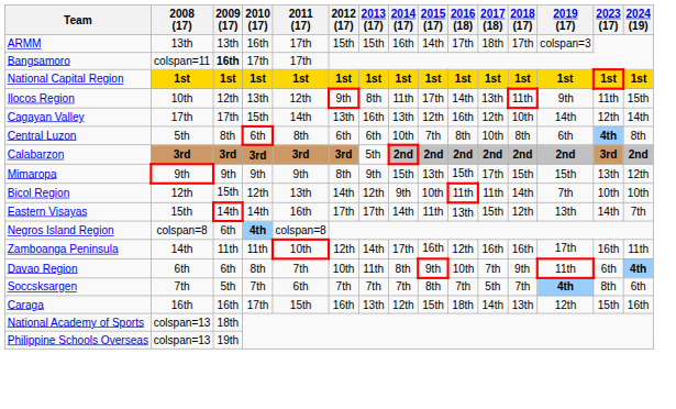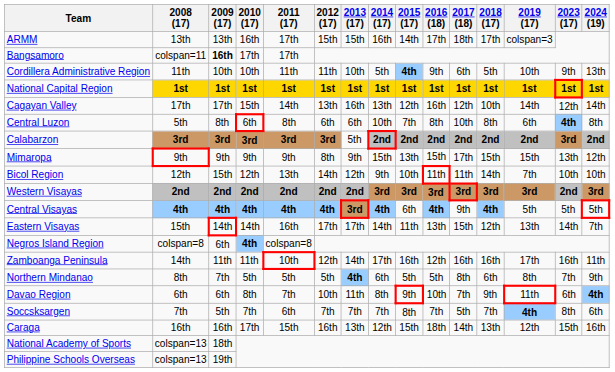 <table class="wikitable" style="text-align:center; font-size:90%;">
 <tr>
 <th>Team</th>
 <th>2008<br>(17)</th>
 <th>2009<br>(17)</th>
 <th>2010<br>(17)</th>
 <th>2011<br>(17)</th>
 <th>2012<br>(17)</th>
 <th><a href='#'>2013</a><br>(17)</th>
 <th><a href='#'>2014</a><br>(17)</th>
 <th><a href='#'>2015</a><br>(17)</th>
 <th><a href='#'>2016</a><br>(18)</th>
 <th><a href='#'>2017</a><br>(18)</th>
 <th><a href='#'>2018</a><br>(17)</th>
 <th><a href='#'>2019</a><br>(17)</th>
 <th><a href='#'>2023</a><br>(17)</th>
 <th><a href='#'>2024</a><br>(19)</th>
 </tr>
 <tr>
 <td align=left><a href='#'>ARMM</a></td>
 <td>13th</td>
 <td>13th</td>
 <td>16th</td>
 <td>17th</td>
 <td>15th</td>
 <td>15th</td>
 <td>16th</td>
 <td>14th</td>
 <td>17th</td>
 <td>18th</td>
 <td>17th</td>
 <td>colspan=3 </td>
 </tr>
 <tr>
 <td align=left><a href='#'>Bangsamoro</a></td>
 <td>colspan=11 </td>
 <td><strong>16th</strong></td>
 <td>17th</td>
 <td>17th</td>
 </tr>
 <tr>
+<td align=left><a href='#'>Cordillera Administrative Region</a></td>
+<td>11th</td>
+<td>10th</td>
+<td>10th</td>
+<td>11th</td>
+<td>11th</td>
+<td>10th</td>
+<td>5th</td>
+<td bgcolor=#9acdff><strong>4th</strong></td>
+<td>9th</td>
+<td>6th</td>
+<td>5th</td>
+<td>10th</td>
+<td>9th</td>
+<td>13th</td>
+</tr>
+<tr>
 <td align=left><a href='#'>National Capital Region</a></td>
 <td bgcolor="gold"><strong>1st</strong></td>
 <td bgcolor="gold"><strong>1st</strong></td>
 <td bgcolor="gold"><strong>1st</strong></td>
 <td bgcolor="gold"><strong>1st</strong></td>
 <td bgcolor="gold"><strong>1st</strong></td>
 <td bgcolor="gold"><strong>1st</strong></td>
 <td bgcolor="gold"><strong>1st</strong></td>
 <td bgcolor="gold"><strong>1st</strong></td>
 <td bgcolor="gold"><strong>1st</strong></td>
 <td bgcolor="gold"><strong>1st</strong></td>
 <td bgcolor="gold"><strong>1st</strong></td>
 <td bgcolor="gold"><strong>1st</strong></td>
 <td style="border: 3px solid red"  bgcolor="gold"><strong>1st</strong></td>
 <td bgcolor="gold"><strong>1st</strong></td>
-</tr>
-<tr>
-<td align=left><a href='#'>Ilocos Region</a></td>
-<td>10th</td>
-<td>12th</td>
-<td>13th</td>
-<td>12th</td>
-<td style="border: 3px solid red">9th</td>
-<td>8th</td>
-<td>11th</td>
-<td>17th</td>
-<td>14th</td>
-<td>13th</td>
-<td style="border: 3px solid red">11th</td>
-<td>9th</td>
-<td>11th</td>
-<td>15th</td>
 </tr>
 <tr>
 <td align=left><a href='#'>Cagayan Valley</a></td>
 <td>17th</td>
 <td>17th</td>
 <td>15th</td>
 <td>14th</td>
 <td>13th</td>
 <td>16th</td>
 <td>13th</td>
 <td>12th</td>
 <td>16th</td>
 <td>12th</td>
 <td>10th</td>
 <td>14th</td>
 <td>12th</td>
 <td>14th</td>
 </tr>
 <tr>
 <td align=left><a href='#'>Central Luzon</a></td>
 <td>5th</td>
 <td>8th</td>
 <td style="border: 3px solid red">6th</td>
 <td>8th</td>
 <td>6th</td>
 <td>6th</td>
 <td>10th</td>
 <td>7th</td>
 <td>8th</td>
 <td>10th</td>
 <td>8th</td>
 <td>6th</td>
 <td bgcolor=#9acdff><strong>4th</strong></td>
 <td>8th</td>
 </tr>
 <tr>
 <td align=left><a href='#'>Calabarzon</a></td>
 <td bgcolor=#cc9966><strong>3rd</strong></td>
 <td bgcolor=#cc9966><strong>3rd</strong></td>
 <td bgcolor=#cc9966><strong>3rd</strong></td>
 <td bgcolor=#cc9966><strong>3rd</strong></td>
 <td bgcolor=#cc9966><strong>3rd</strong></td>
 <td>5th</td>
 <td style="border: 3px solid red"   bgcolor="silver"><strong>2nd</strong></td>
 <td bgcolor="silver"><strong>2nd</strong></td>
 <td bgcolor="silver"><strong>2nd</strong></td>
 <td bgcolor="silver"><strong>2nd</strong></td>
 <td bgcolor="silver"><strong>2nd</strong></td>
 <td bgcolor="silver"><strong>2nd</strong></td>
 <td bgcolor=#cc9966><strong>3rd</strong></td>
 <td bgcolor="silver"><strong>2nd</strong></td>
 </tr>
 <tr>
 <td align=left><a href='#'>Mimaropa</a></td>
 <td style="border: 3px solid red">9th</td>
 <td>9th</td>
 <td>9th</td>
 <td>9th</td>
 <td>8th</td>
 <td>9th</td>
 <td>15th</td>
 <td>13th</td>
 <td>15th</td>
 <td>17th</td>
 <td>15th</td>
 <td>15th</td>
 <td>13th</td>
 <td>12th</td>
 </tr>
 <tr>
 <td align=left><a href='#'>Bicol Region</a></td>
 <td>12th</td>
 <td>15th</td>
 <td>12th</td>
 <td>13th</td>
 <td>14th</td>
 <td>12th</td>
 <td>9th</td>
 <td>10th</td>
 <td style="border: 3px solid red">11th</td>
 <td>11th</td>
 <td>14th</td>
 <td>7th</td>
 <td>10th</td>
 <td>10th</td>
 </tr>
 <tr>
+<td align=left><a href='#'>Western Visayas</a></td>
+<td bgcolor="silver"><strong>2nd</strong></td>
+<td bgcolor="silver"><strong>2nd</strong></td>
+<td bgcolor="silver"><strong>2nd</strong></td>
+<td bgcolor="silver"><strong>2nd</strong></td>
+<td bgcolor="silver"><strong>2nd</strong></td>
+<td bgcolor="silver"><strong>2nd</strong></td>
+<td bgcolor=#cc9966><strong>3rd</strong></td>
+<td bgcolor=#cc9966><strong>3rd</strong></td>
+<td bgcolor=#cc9966><strong>3rd</strong></td>
+<td style="border: 3px solid red"   bgcolor=#cc9966><strong>3rd</strong></td>
+<td bgcolor=#cc9966><strong>3rd</strong></td>
+<td bgcolor=#cc9966><strong>3rd</strong></td>
+<td bgcolor="silver"><strong>2nd</strong></td>
+<td bgcolor=#cc9966><strong>3rd</strong></td>
+</tr>
+<tr>
+<td align=left><a href='#'>Central Visayas</a></td>
+<td bgcolor=#9acdff><strong>4th</strong></td>
+<td bgcolor=#9acdff><strong>4th</strong></td>
+<td bgcolor=#9acdff><strong>4th</strong></td>
+<td bgcolor=#9acdff><strong>4th</strong></td>
+<td bgcolor=#9acdff><strong>4th</strong></td>
+<td style="border: 3px solid red"  bgcolor=#cc9966><strong>3rd</strong></td>
+<td bgcolor=#9acdff><strong>4th</strong></td>
+<td>6th</td>
+<td bgcolor=#9acdff><strong>4th</strong></td>
+<td>9th</td>
+<td bgcolor=#9acdff><strong>4th</strong></td>
+<td>5th</td>
+<td>5th</td>
+<td style="border: 3px solid red">5th</td>
+</tr>
+<tr>
 <td align=left><a href='#'>Eastern Visayas</a></td>
 <td>15th</td>
 <td style="border: 3px solid red">14th</td>
 <td>14th</td>
 <td>16th</td>
 <td>17th</td>
 <td>17th</td>
 <td>14th</td>
 <td>11th</td>
 <td>13th</td>
 <td>15th</td>
 <td>12th</td>
 <td>13th</td>
 <td>14th</td>
 <td>7th</td>
 </tr>
 <tr>
 <td align=left><a href='#'>Negros Island Region</a></td>
 <td>colspan=8 </td>
 <td>6th</td>
 <td bgcolor=#9acdff><strong>4th</strong></td>
 <td>colspan=8 </td>
 </tr>
 <tr>
 <td align=left><a href='#'>Zamboanga Peninsula</a></td>
 <td>14th</td>
 <td>11th</td>
 <td>11th</td>
 <td style="border: 3px solid red">10th</td>
 <td>12th</td>
 <td>14th</td>
 <td>17th</td>
 <td>16th</td>
 <td>12th</td>
 <td>16th</td>
 <td>16th</td>
 <td>17th</td>
 <td>16th</td>
 <td>11th</td>
+</tr>
+<tr>
+<td align=left><a href='#'>Northern Mindanao</a></td>
+<td>8th</td>
+<td>7th</td>
+<td>5th</td>
+<td>5th</td>
+<td>5th</td>
+<td bgcolor=#9acdff><strong>4th</strong></td>
+<td>6th</td>
+<td>5th</td>
+<td>5th</td>
+<td>8th</td>
+<td>6th</td>
+<td>8th</td>
+<td>7th</td>
+<td>9th</td>
 </tr>
 <tr>
 <td align=left><a href='#'>Davao Region</a></td>
 <td>6th</td>
 <td>6th</td>
 <td>8th</td>
 <td>7th</td>
 <td>10th</td>
 <td>11th</td>
 <td>8th</td>
 <td style="border: 3px solid red">9th</td>
 <td>10th</td>
 <td>7th</td>
 <td>9th</td>
 <td style="border: 3px solid red">11th</td>
 <td>6th</td>
 <td bgcolor=#9acdff><strong>4th</strong></td>
 </tr>
 <tr>
 <td align=left><a href='#'>Soccsksargen</a></td>
 <td>7th</td>
 <td>5th</td>
 <td>7th</td>
 <td>6th</td>
 <td>7th</td>
 <td>7th</td>
 <td>7th</td>
 <td>8th</td>
 <td>7th</td>
 <td>5th</td>
 <td>7th</td>
 <td bgcolor=#9acdff><strong>4th</strong></td>
 <td>8th</td>
 <td>6th</td>
 </tr>
 <tr>
 <td align=left><a href='#'>Caraga</a></td>
 <td>16th</td>
 <td>16th</td>
 <td>17th</td>
 <td>15th</td>
 <td>16th</td>
 <td>13th</td>
 <td>12th</td>
 <td>15th</td>
 <td>18th</td>
 <td>14th</td>
 <td>13th</td>
 <td>12th</td>
 <td>15th</td>
 <td>16th</td>
 </tr>
 <tr>
 <td align=left><a href='#'>National Academy of Sports</a></td>
 <td>colspan=13 </td>
 <td>18th</td>
 </tr>
 <tr>
 <td align=left><a href='#'>Philippine Schools Overseas</a></td>
 <td>colspan=13 </td>
 <td>19th</td>
 </tr>
 </table>
